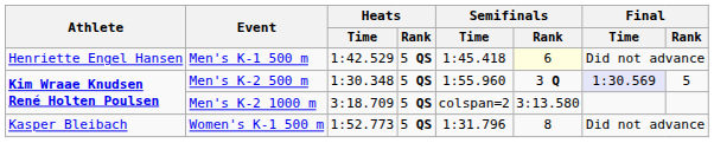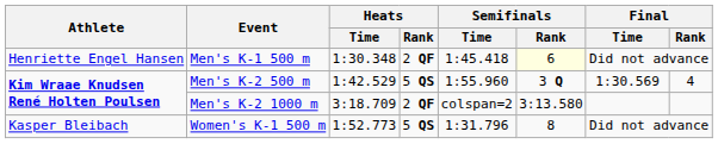 <table class=wikitable style="font-size:90%">
 <tr>
 <th rowspan="2">Athlete</th>
 <th rowspan="2">Event</th>
 <th colspan="2">Heats</th>
 <th colspan="2">Semifinals</th>
 <th colspan="2">Final</th>
 </tr>
 <tr style="font-size:95%">
 <th>Time</th>
 <th>Rank</th>
 <th>Time</th>
 <th>Rank</th>
 <th>Time</th>
 <th>Rank</th>
 </tr>
 <tr align=center>
 <td align=left><a href='#'>Henriette Engel Hansen</a></td>
 <td align=left><a href='#'>Men's K-1 500 m</a></td>
-<td>1:42.529</td>
-<td>5 <strong>QS</strong></td>
+<td>1:30.348</td>
+<td>2 <strong>QF</strong></td>
 <td>1:45.418</td>
 <td style="background: lightyellow;">6</td>
 <td colspan=2>Did not advance</td>
 </tr>
 <tr align=center>
 <td align=left rowspan=2><strong><a href='#'>Kim Wraae Knudsen</a></strong><br><strong><a href='#'>René Holten Poulsen</a></strong></td>
 <td align=left><a href='#'>Men's K-2 500 m</a></td>
-<td>1:30.348</td>
+<td>1:42.529</td>
 <td>5 <strong>QS</strong></td>
 <td>1:55.960</td>
 <td>3 <strong>Q</strong></td>
-<td style="background: lavender;">1:30.569</td>
-<td>5</td>
+<td>1:30.569</td>
+<td>4</td>
 </tr>
 <tr align=center>
 <td align=left><a href='#'>Men's K-2 1000 m</a></td>
 <td>3:18.709</td>
-<td>5 <strong>QS</strong></td>
+<td>2 <strong>QF</strong></td>
 <td>colspan=2 </td>
 <td>3:13.580</td>
 <td></td>
 </tr>
 <tr align=center>
 <td align=left><a href='#'>Kasper Bleibach</a></td>
 <td align=left><a href='#'>Women's K-1 500 m</a></td>
 <td>1:52.773</td>
 <td>5 <strong>QS</strong></td>
 <td>1:31.796</td>
 <td>8</td>
 <td colspan=2>Did not advance</td>
 </tr>
 </table>
